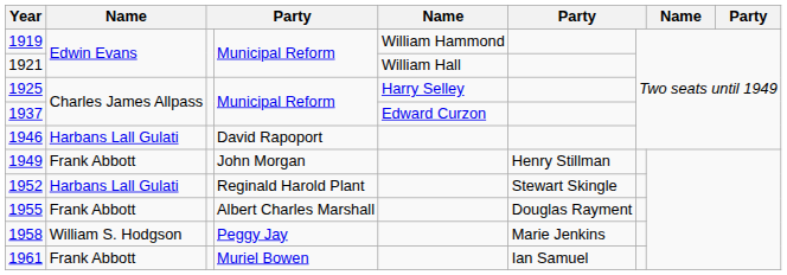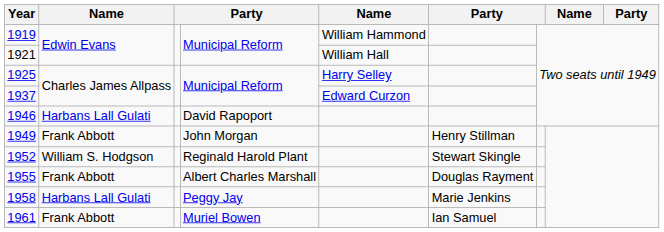 <table class="wikitable">
 <tr>
 <th>Year</th>
 <th>Name</th>
 <th colspan=2>Party</th>
 <th>Name</th>
 <th colspan=2>Party</th>
 <th>Name</th>
 <th colspan=2>Party</th>
 </tr>
 <tr>
 <td><a href='#'>1919</a></td>
 <td rowspan=2><a href='#'>Edwin Evans</a></td>
 <td rowspan=2 style="background-color: "></td>
 <td rowspan=2><a href='#'>Municipal Reform</a></td>
 <td>William Hammond</td>
 <td></td>
 <td colspan=3 rowspan=5 align="center"><em>Two seats until 1949</em></td>
 </tr>
 <tr>
 <td>1921</td>
 <td>William Hall</td>
 <td></td>
 </tr>
 <tr>
 <td><a href='#'>1925</a></td>
 <td rowspan=2>Charles James Allpass</td>
 <td rowspan=2 style="background-color: "></td>
 <td rowspan=2><a href='#'>Municipal Reform</a></td>
 <td><a href='#'>Harry Selley</a></td>
 <td></td>
 </tr>
 <tr>
 <td><a href='#'>1937</a></td>
 <td><a href='#'>Edward Curzon</a></td>
 <td></td>
 </tr>
 <tr>
 <td><a href='#'>1946</a></td>
 <td><a href='#'>Harbans Lall Gulati</a></td>
 <td></td>
 <td>David Rapoport</td>
 <td></td>
 </tr>
 <tr>
 <td><a href='#'>1949</a></td>
 <td>Frank Abbott</td>
 <td></td>
 <td>John Morgan</td>
 <td></td>
 <td>Henry Stillman</td>
 <td></td>
 </tr>
 <tr>
 <td><a href='#'>1952</a></td>
-<td><a href='#'>Harbans Lall Gulati</a></td>
+<td>William S. Hodgson</td>
 <td></td>
 <td>Reginald Harold Plant</td>
 <td></td>
 <td>Stewart Skingle</td>
 <td></td>
 </tr>
 <tr>
 <td><a href='#'>1955</a></td>
 <td>Frank Abbott</td>
 <td></td>
 <td>Albert Charles Marshall</td>
 <td></td>
 <td>Douglas Rayment</td>
 <td></td>
 </tr>
 <tr>
 <td><a href='#'>1958</a></td>
-<td>William S. Hodgson</td>
+<td><a href='#'>Harbans Lall Gulati</a></td>
 <td></td>
 <td><a href='#'>Peggy Jay</a></td>
 <td></td>
 <td>Marie Jenkins</td>
 <td></td>
 </tr>
 <tr>
 <td><a href='#'>1961</a></td>
 <td>Frank Abbott</td>
 <td></td>
 <td><a href='#'>Muriel Bowen</a></td>
 <td></td>
 <td>Ian Samuel</td>
 <td></td>
 </tr>
 </table>
